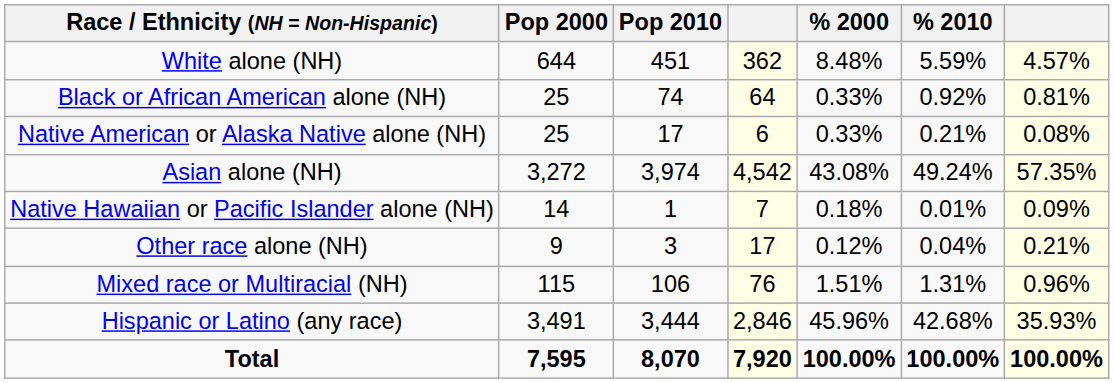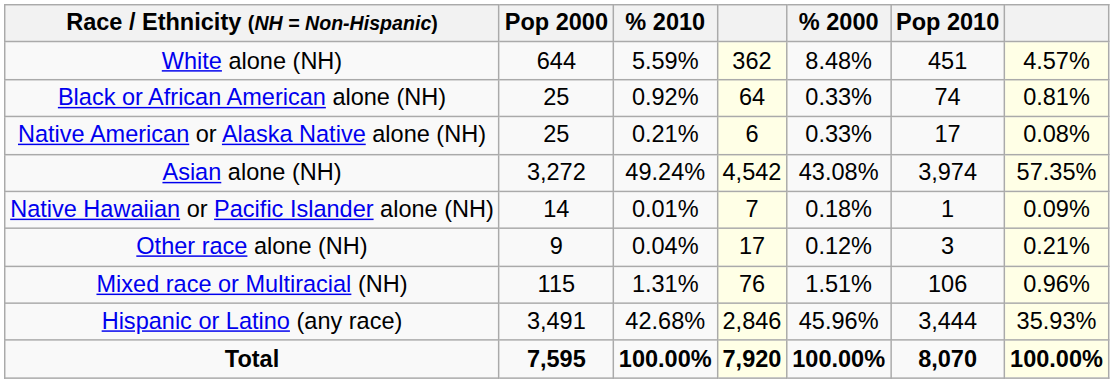 <table class="wikitable" style="text-align:center;">
 <tr>
 <th>Race / Ethnicity <small>(<em>NH = Non-Hispanic</em>)</small></th>
 <th>Pop 2000</th>
-<th>Pop 2010</th>
+<th>% 2010</th>
 <th></th>
 <th>% 2000</th>
-<th>% 2010</th>
+<th>Pop 2010</th>
 <th></th>
 </tr>
 <tr>
 <td><a href='#'>White</a> alone (NH)</td>
 <td>644</td>
-<td>451</td>
+<td>5.59%</td>
 <td style='background: #ffffe6;'>362</td>
 <td>8.48%</td>
-<td>5.59%</td>
+<td>451</td>
 <td style='background: #ffffe6;'>4.57%</td>
 </tr>
 <tr>
 <td><a href='#'>Black or African American</a> alone (NH)</td>
 <td>25</td>
-<td>74</td>
+<td>0.92%</td>
 <td style='background: #ffffe6;'>64</td>
 <td>0.33%</td>
-<td>0.92%</td>
+<td>74</td>
 <td style='background: #ffffe6;'>0.81%</td>
 </tr>
 <tr>
 <td><a href='#'>Native American</a> or <a href='#'>Alaska Native</a> alone (NH)</td>
 <td>25</td>
-<td>17</td>
+<td>0.21%</td>
 <td style='background: #ffffe6;'>6</td>
 <td>0.33%</td>
-<td>0.21%</td>
+<td>17</td>
 <td style='background: #ffffe6;'>0.08%</td>
 </tr>
 <tr>
 <td><a href='#'>Asian</a> alone (NH)</td>
 <td>3,272</td>
-<td>3,974</td>
+<td>49.24%</td>
 <td style='background: #ffffe6;'>4,542</td>
 <td>43.08%</td>
-<td>49.24%</td>
+<td>3,974</td>
 <td style='background: #ffffe6;'>57.35%</td>
 </tr>
 <tr>
 <td><a href='#'>Native Hawaiian</a> or <a href='#'>Pacific Islander</a> alone (NH)</td>
 <td>14</td>
-<td>1</td>
+<td>0.01%</td>
 <td style='background: #ffffe6;'>7</td>
 <td>0.18%</td>
-<td>0.01%</td>
+<td>1</td>
 <td style='background: #ffffe6;'>0.09%</td>
 </tr>
 <tr>
 <td><a href='#'>Other race</a> alone (NH)</td>
 <td>9</td>
-<td>3</td>
+<td>0.04%</td>
 <td style='background: #ffffe6;'>17</td>
 <td>0.12%</td>
-<td>0.04%</td>
+<td>3</td>
 <td style='background: #ffffe6;'>0.21%</td>
 </tr>
 <tr>
 <td><a href='#'>Mixed race or Multiracial</a> (NH)</td>
 <td>115</td>
-<td>106</td>
+<td>1.31%</td>
 <td style='background: #ffffe6;'>76</td>
 <td>1.51%</td>
-<td>1.31%</td>
+<td>106</td>
 <td style='background: #ffffe6;'>0.96%</td>
 </tr>
 <tr>
 <td><a href='#'>Hispanic or Latino</a> (any race)</td>
 <td>3,491</td>
-<td>3,444</td>
+<td>42.68%</td>
 <td style='background: #ffffe6;'>2,846</td>
 <td>45.96%</td>
-<td>42.68%</td>
+<td>3,444</td>
 <td style='background: #ffffe6;'>35.93%</td>
 </tr>
 <tr>
 <td><strong>Total</strong></td>
 <td><strong>7,595</strong></td>
-<td><strong>8,070</strong></td>
+<td><strong>100.00%</strong></td>
 <td style='background: #ffffe6;'><strong>7,920</strong></td>
 <td><strong>100.00%</strong></td>
-<td><strong>100.00%</strong></td>
+<td><strong>8,070</strong></td>
 <td style='background: #ffffe6;'><strong>100.00%</strong></td>
 </tr>
 </table>
